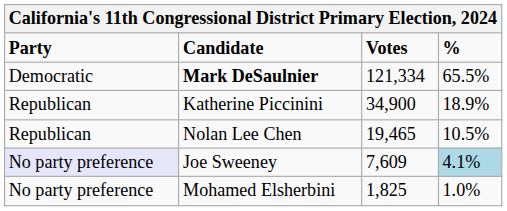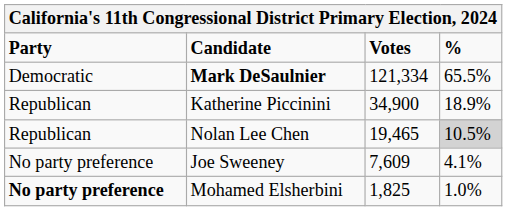 <table class="wikitable">
 <tr>
 <th colspan="4">California's 11th Congressional District Primary Election, 2024</th>
 </tr>
 <tr>
 <td><strong>Party</strong></td>
 <td><strong>Candidate</strong></td>
 <td><strong>Votes</strong></td>
 <td><strong>%</strong></td>
 </tr>
 <tr>
 <td>Democratic</td>
 <td><strong>Mark DeSaulnier</strong></td>
 <td>121,334</td>
 <td>65.5%</td>
 </tr>
 <tr>
 <td>Republican</td>
 <td>Katherine Piccinini</td>
 <td>34,900</td>
 <td>18.9%</td>
 </tr>
 <tr>
 <td>Republican</td>
 <td>Nolan Lee Chen</td>
 <td>19,465</td>
-<td>10.5%</td>
-</tr>
-<tr>
-<td style="background: lavender;">No party preference</td>
-<td>Joe Sweeney</td>
-<td>7,609</td>
-<td style="background: lightblue;">4.1%</td>
+<td style="background: lightgrey;">10.5%</td>
 </tr>
 <tr>
 <td>No party preference</td>
+<td>Joe Sweeney</td>
+<td>7,609</td>
+<td>4.1%</td>
+</tr>
+<tr>
+<td><strong>No party preference</strong></td>
 <td>Mohamed Elsherbini</td>
 <td>1,825</td>
 <td>1.0%</td>
 </tr>
 </table>
